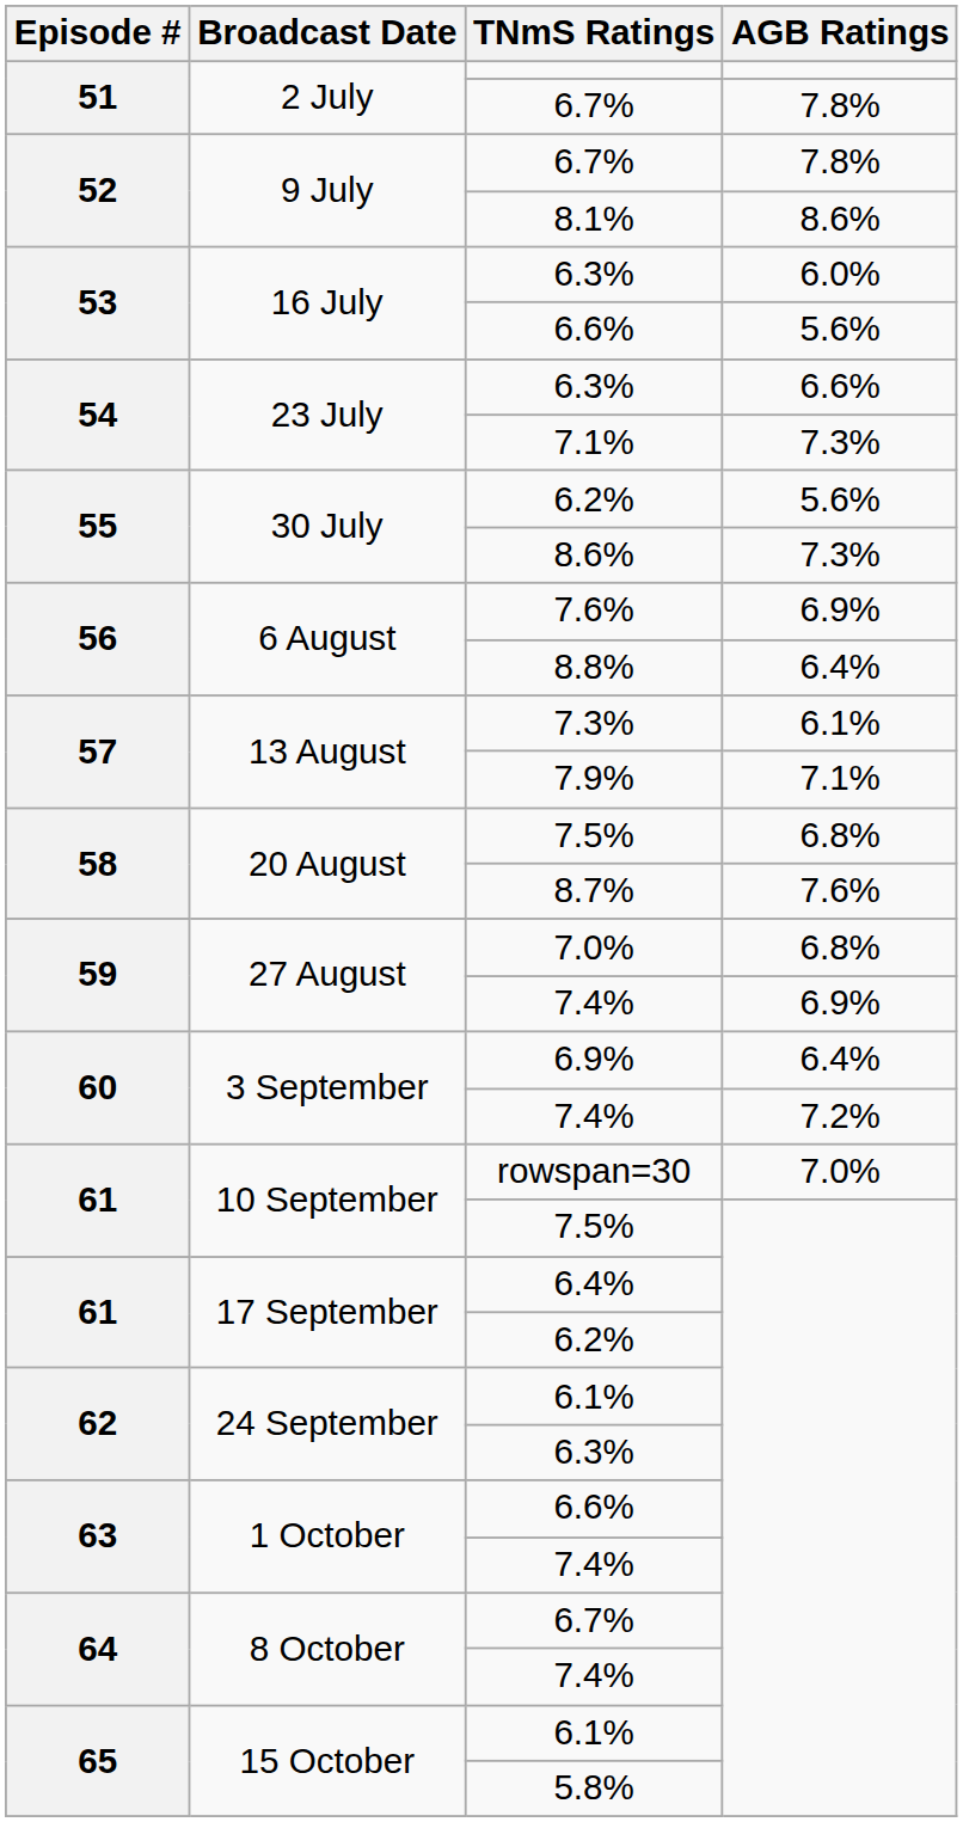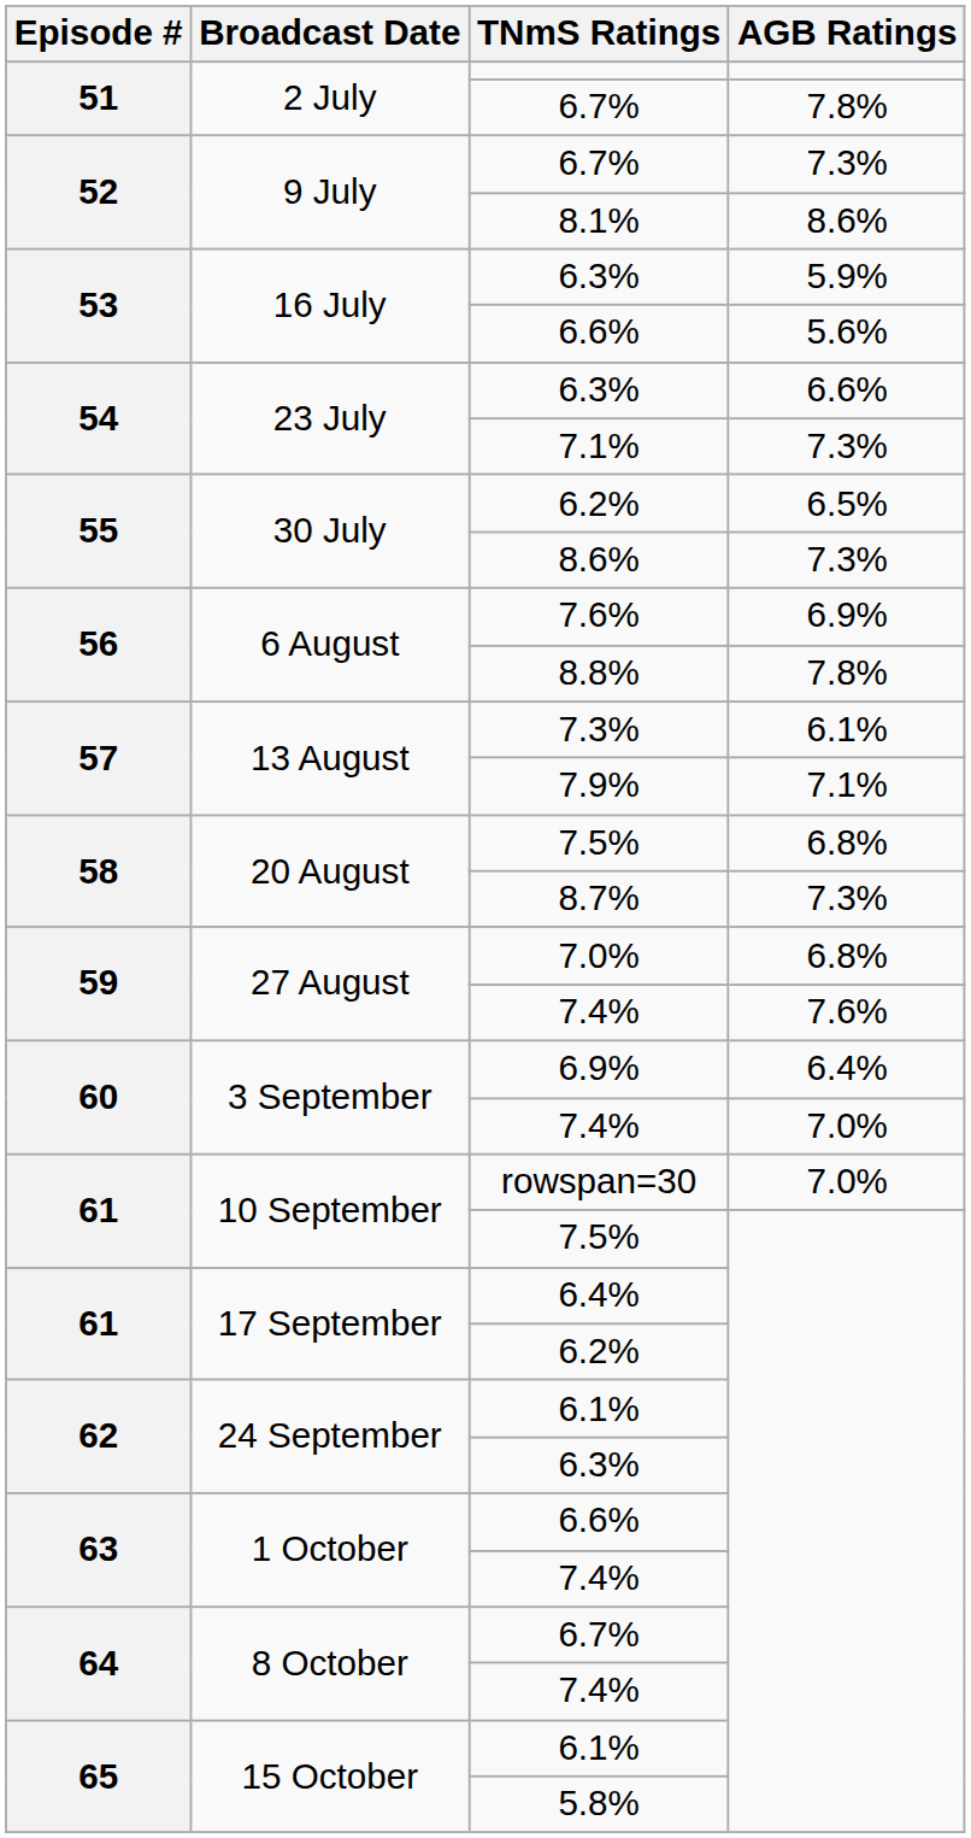 <table class="wikitable" style="text-align:center;">
 <tr>
 <th>Episode #</th>
 <th>Broadcast Date</th>
 <th>TNmS Ratings</th>
 <th>AGB Ratings</th>
 </tr>
 <tr>
 <th rowspan=2>51</th>
 <td rowspan=2>2 July</td>
 <td></td>
 <td></td>
 </tr>
 <tr>
 <td>6.7%</td>
 <td>7.8%</td>
 </tr>
 <tr>
 <th rowspan=2>52</th>
 <td rowspan=2>9 July</td>
 <td>6.7%</td>
-<td>7.8%</td>
+<td>7.3%</td>
 </tr>
 <tr>
 <td>8.1%</td>
 <td>8.6%</td>
 </tr>
 <tr>
 <th rowspan=2>53</th>
 <td rowspan=2>16 July</td>
 <td>6.3%</td>
-<td>6.0%</td>
+<td>5.9%</td>
 </tr>
 <tr>
 <td>6.6%</td>
 <td>5.6%</td>
 </tr>
 <tr>
 <th rowspan=2>54</th>
 <td rowspan=2>23 July</td>
 <td>6.3%</td>
 <td>6.6%</td>
 </tr>
 <tr>
 <td>7.1%</td>
 <td>7.3%</td>
 </tr>
 <tr>
 <th rowspan=2>55</th>
 <td rowspan=2>30 July</td>
 <td>6.2%</td>
-<td>5.6%</td>
+<td>6.5%</td>
 </tr>
 <tr>
 <td>8.6%</td>
 <td>7.3%</td>
 </tr>
 <tr>
 <th rowspan=2>56</th>
 <td rowspan=2>6 August</td>
 <td>7.6%</td>
 <td>6.9%</td>
 </tr>
 <tr>
 <td>8.8%</td>
-<td>6.4%</td>
+<td>7.8%</td>
 </tr>
 <tr>
 <th rowspan=2>57</th>
 <td rowspan=2>13 August</td>
 <td>7.3%</td>
 <td>6.1%</td>
 </tr>
 <tr>
 <td>7.9%</td>
 <td>7.1%</td>
 </tr>
 <tr>
 <th rowspan=2>58</th>
 <td rowspan=2>20 August</td>
 <td>7.5%</td>
 <td>6.8%</td>
 </tr>
 <tr>
 <td>8.7%</td>
-<td>7.6%</td>
+<td>7.3%</td>
 </tr>
 <tr>
 <th rowspan=2>59</th>
 <td rowspan=2>27 August</td>
 <td>7.0%</td>
 <td>6.8%</td>
 </tr>
 <tr>
 <td>7.4%</td>
-<td>6.9%</td>
+<td>7.6%</td>
 </tr>
 <tr>
 <th rowspan=2>60</th>
 <td rowspan=2>3 September</td>
 <td>6.9%</td>
 <td>6.4%</td>
 </tr>
 <tr>
 <td>7.4%</td>
-<td>7.2%</td>
+<td>7.0%</td>
 </tr>
 <tr>
 <th rowspan=2>61</th>
 <td rowspan=2>10 September</td>
 <td>rowspan=30 </td>
 <td>7.0%</td>
 </tr>
 <tr>
 <td>7.5%</td>
 </tr>
 <tr>
 <th rowspan=2>61</th>
 <td rowspan=2>17 September</td>
 <td>6.4%</td>
 </tr>
 <tr>
 <td>6.2%</td>
 </tr>
 <tr>
 <th rowspan=2>62</th>
 <td rowspan=2>24 September</td>
 <td>6.1%</td>
 </tr>
 <tr>
 <td>6.3%</td>
 </tr>
 <tr>
 <th rowspan=2>63</th>
 <td rowspan=2>1 October</td>
 <td>6.6%</td>
 </tr>
 <tr>
 <td>7.4%</td>
 </tr>
 <tr>
 <th rowspan=2>64</th>
 <td rowspan=2>8 October</td>
 <td>6.7%</td>
 </tr>
 <tr>
 <td>7.4%</td>
 </tr>
 <tr>
 <th rowspan=2>65</th>
 <td rowspan=2>15 October</td>
 <td>6.1%</td>
 </tr>
 <tr>
 <td>5.8%</td>
 </tr>
 </table>
